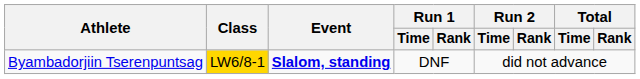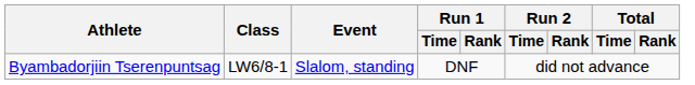 <table class=wikitable style="text-align:center; font-size:90%">
 <tr>
 <th rowspan=2>Athlete</th>
 <th rowspan=2>Class</th>
 <th rowspan=2>Event</th>
 <th colspan=2>Run 1</th>
 <th colspan=2>Run 2</th>
 <th colspan=2>Total</th>
 </tr>
 <tr style="font-size:95%">
 <th>Time</th>
 <th>Rank</th>
 <th>Time</th>
 <th>Rank</th>
 <th>Time</th>
 <th>Rank</th>
 </tr>
 <tr>
 <td align=left><a href='#'>Byambadorjiin Tserenpuntsag</a></td>
-<td align=left style="background: gold;">LW6/8-1</td>
-<td align=left><strong><a href='#'>Slalom, standing</a></strong></td>
+<td align=left>LW6/8-1</td>
+<td align=left><a href='#'>Slalom, standing</a></td>
 <td colspan=2>DNF</td>
 <td colspan=4>did not advance</td>
 </tr>
 </table>
